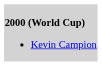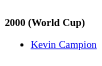 <table class="toccolours" style="border-collapse: collapse;">
 <tr>
 <td colspan=7 align="right"></td>
 </tr>
 <tr>
-<td valign="top" style="background: lightgrey;"><br><strong>2000 (World Cup)</strong><ul><li><a href='#'>Kevin Campion</a></li></ul></td>
+<td valign="top"><br><strong>2000 (World Cup)</strong><ul><li><a href='#'>Kevin Campion</a></li></ul></td>
 <td width="35"> </td>
 <td valign="top"></td>
 </tr>
 </table>
